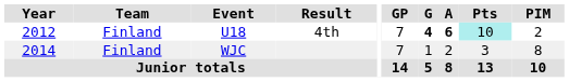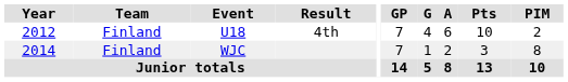 <table border="0" cellpadding="1" cellspacing="0" ID="Table3" style="text-align:center; width:40em">
 <tr ALIGN="center" bgcolor="#e0e0e0">
 <th>Year</th>
 <th>Team</th>
 <th>Event</th>
 <th>Result</th>
 <th rowspan="99" bgcolor="#ffffff"></th>
 <th>GP</th>
 <th>G</th>
 <th>A</th>
 <th>Pts</th>
 <th>PIM</th>
 </tr>
 <tr>
 <td><a href='#'>2012</a></td>
 <td><a href='#'>Finland</a></td>
 <td><a href='#'>U18</a></td>
 <td>4th</td>
 <td>7</td>
-<td><strong>4</strong></td>
-<td><strong>6</strong></td>
-<td style="background: paleturquoise;">10</td>
+<td>4</td>
+<td>6</td>
+<td>10</td>
 <td>2</td>
 </tr>
 <tr bgcolor="#f0f0f0">
 <td><a href='#'>2014</a></td>
 <td><a href='#'>Finland</a></td>
 <td><a href='#'>WJC</a></td>
 <td></td>
 <td>7</td>
 <td>1</td>
 <td>2</td>
 <td>3</td>
 <td>8</td>
 </tr>
 <tr bgcolor="#e0e0e0">
 <th colspan="4">Junior totals</th>
 <th>14</th>
 <th>5</th>
 <th>8</th>
 <th>13</th>
 <th>10</th>
 </tr>
 </table>
